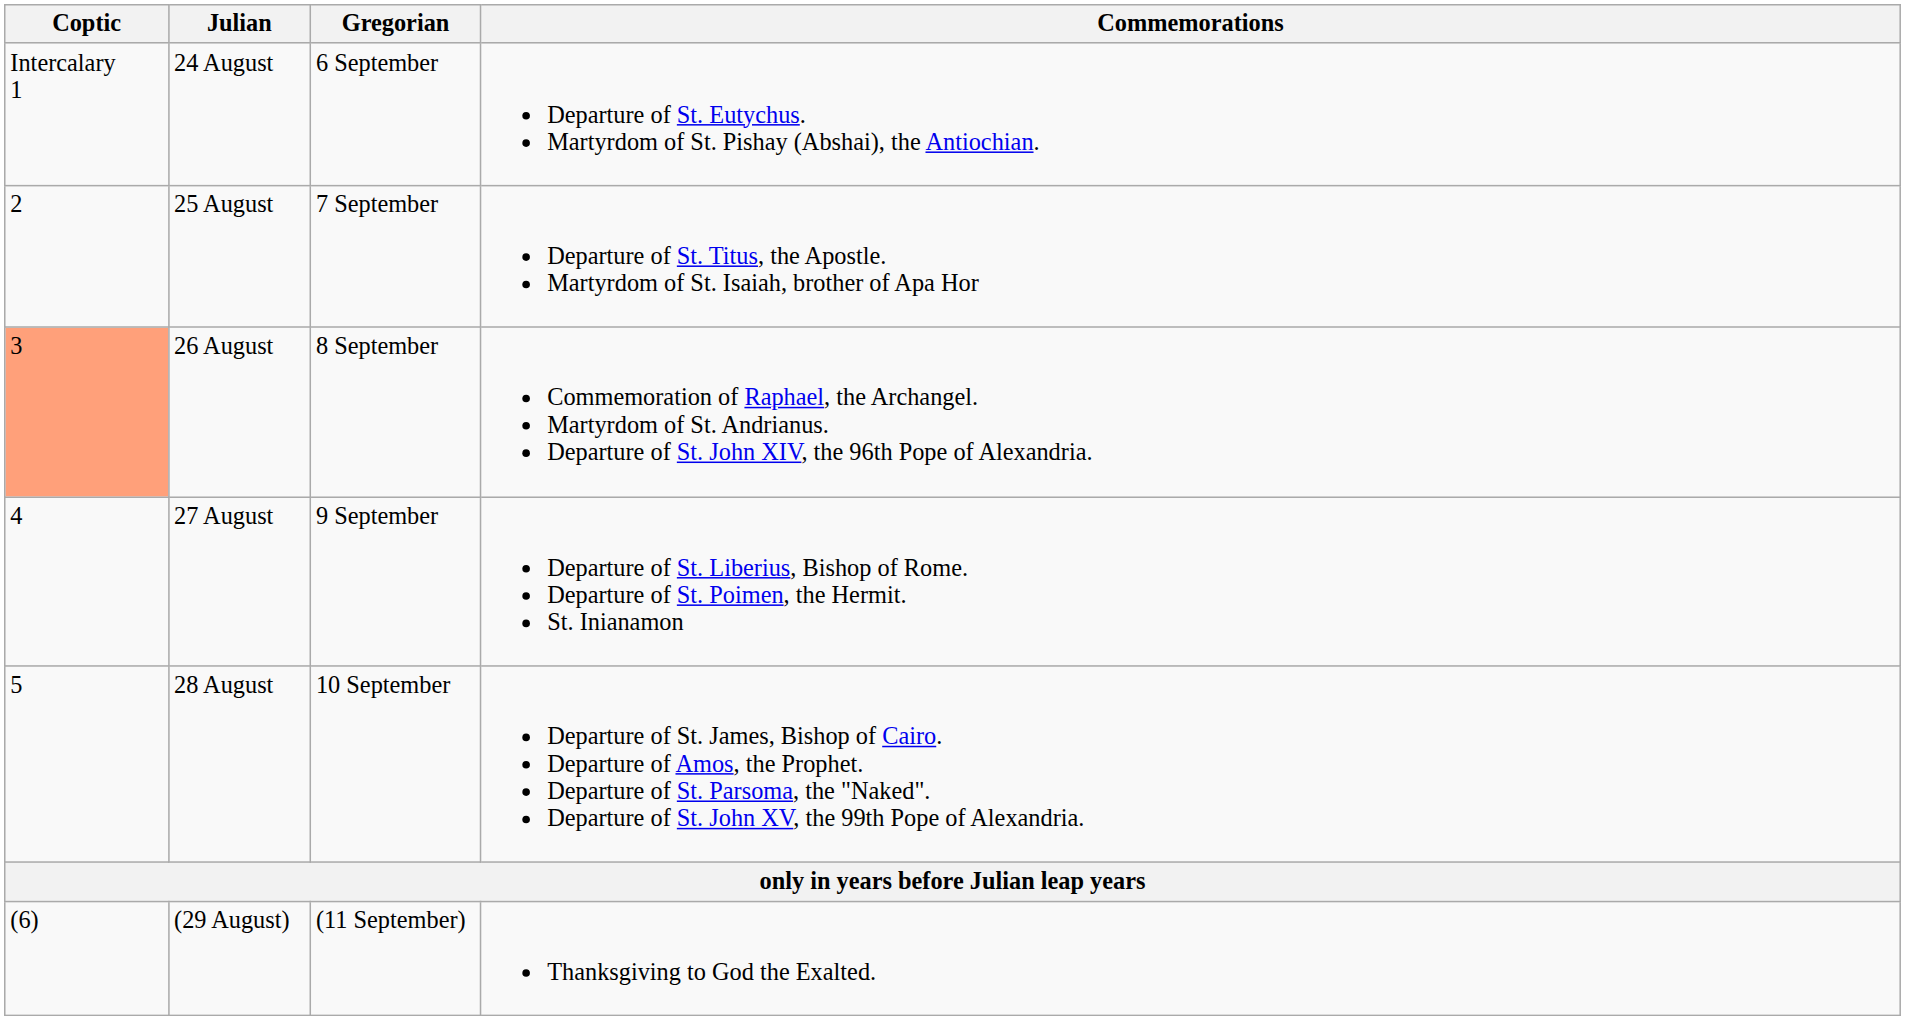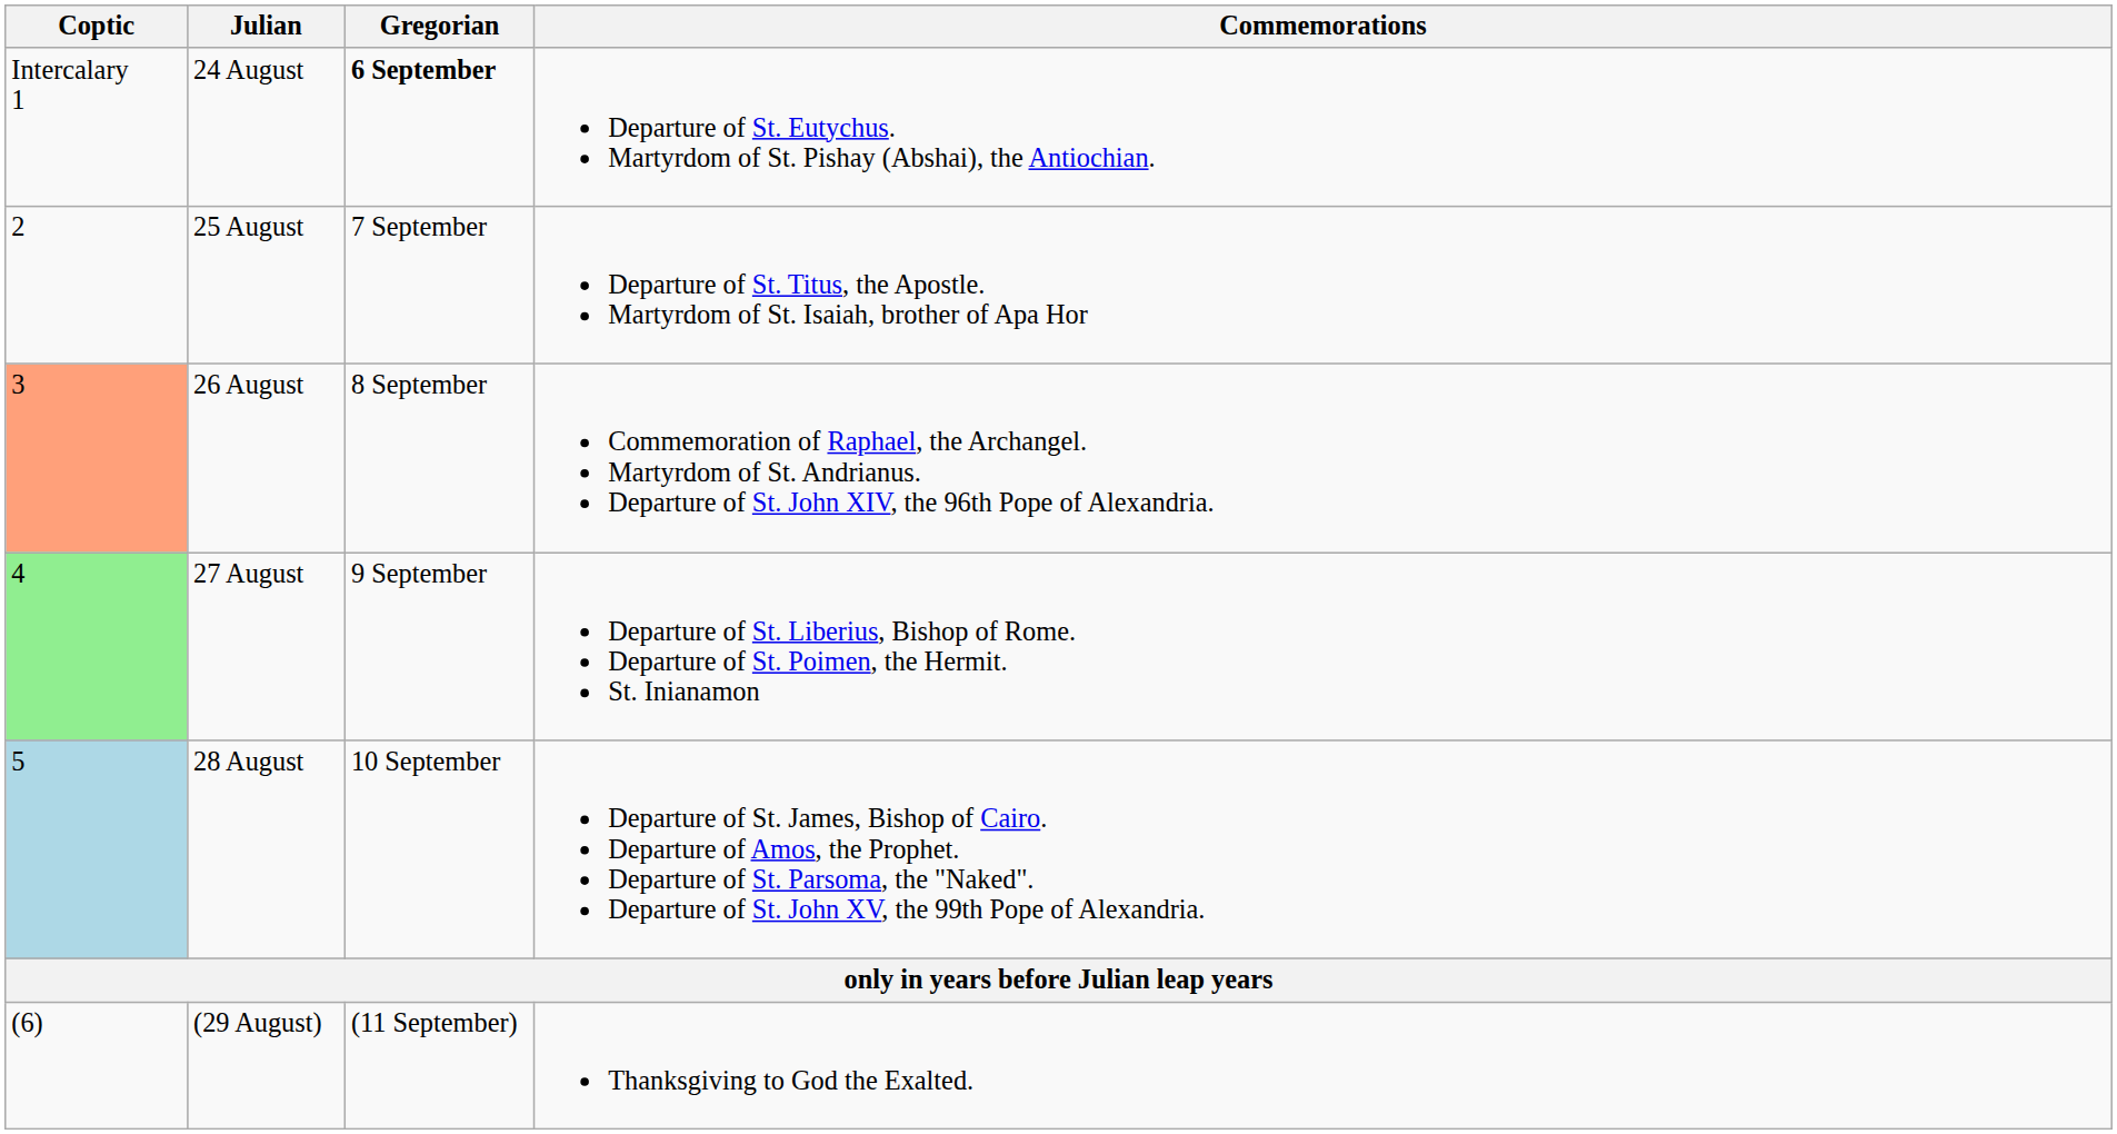 <table class="wikitable">
 <tr>
 <th style="width:5%;">Coptic</th>
 <th style="width:5%;">Julian</th>
 <th style="width:5%;">Gregorian</th>
 <th style="width:50%;">Commemorations</th>
 </tr>
 <tr valign="top">
 <td>Intercalary<br>1</td>
 <td>24 August</td>
-<td>6 September</td>
+<td><strong>6 September</strong></td>
 <td><br><ul><li>Departure of <a href='#'>St. Eutychus</a>.</li><li>Martyrdom of St. Pishay (Abshai), the <a href='#'>Antiochian</a>.</li></ul></td>
 </tr>
 <tr valign="top">
 <td>2</td>
 <td>25 August</td>
 <td>7 September</td>
 <td><br><ul><li>Departure of <a href='#'>St. Titus</a>, the Apostle.</li><li>Martyrdom of St. Isaiah, brother of Apa Hor</li></ul></td>
 </tr>
 <tr valign="top">
 <td style="background: lightsalmon;">3</td>
 <td>26 August</td>
 <td>8 September</td>
 <td><br><ul><li>Commemoration of <a href='#'>Raphael</a>, the Archangel.</li><li>Martyrdom of St. Andrianus.</li><li>Departure of <a href='#'>St. John XIV</a>, the 96th Pope of Alexandria.</li></ul></td>
 </tr>
 <tr valign="top">
-<td>4</td>
+<td style="background: lightgreen;">4</td>
 <td>27 August</td>
 <td>9 September</td>
 <td><br><ul><li>Departure of <a href='#'>St. Liberius</a>, Bishop of Rome.</li><li>Departure of <a href='#'>St. Poimen</a>, the Hermit.</li><li>St. Inianamon</li></ul></td>
 </tr>
 <tr valign="top">
-<td>5</td>
+<td style="background: lightblue;">5</td>
 <td>28 August</td>
 <td>10 September</td>
 <td><br><ul><li>Departure of St. James, Bishop of <a href='#'>Cairo</a>.</li><li>Departure of <a href='#'>Amos</a>, the Prophet.</li><li>Departure of <a href='#'>St. Parsoma</a>, the "Naked".</li><li>Departure of <a href='#'>St. John XV</a>, the 99th Pope of Alexandria.</li></ul></td>
 </tr>
 <tr>
 <th colspan=4; align="center">only in years before Julian leap years</th>
 </tr>
 <tr valign="top">
 <td>(6)</td>
 <td>(29 August)</td>
 <td>(11 September)</td>
 <td><br><ul><li>Thanksgiving to God the Exalted.</li></ul></td>
 </tr>
 <tr valign="top">
 </tr>
 </table>
